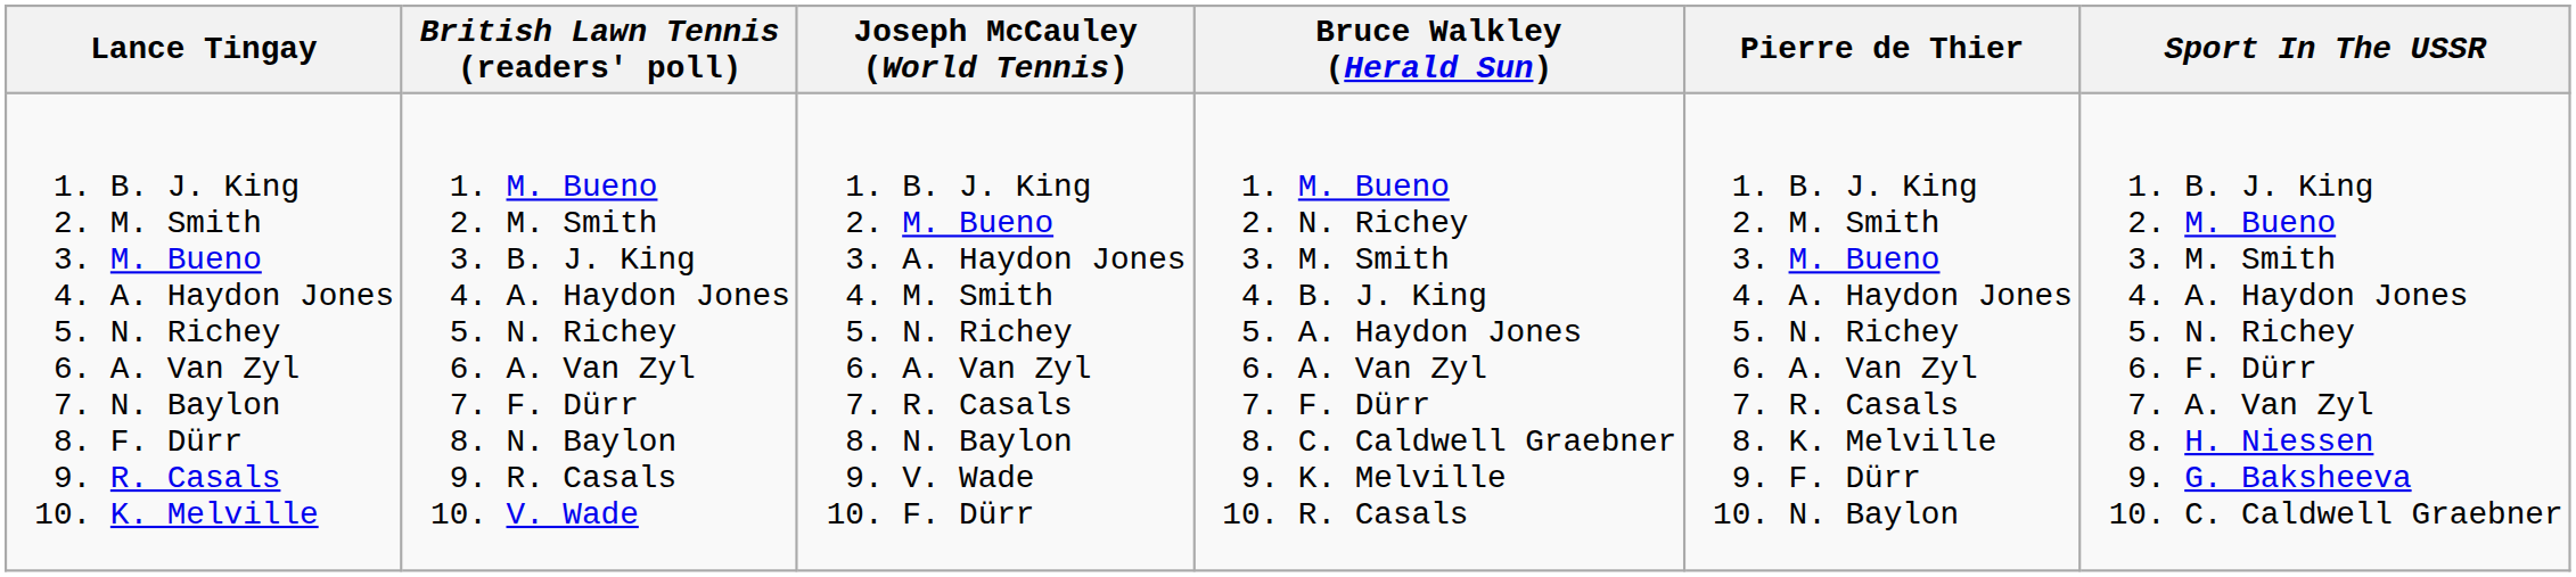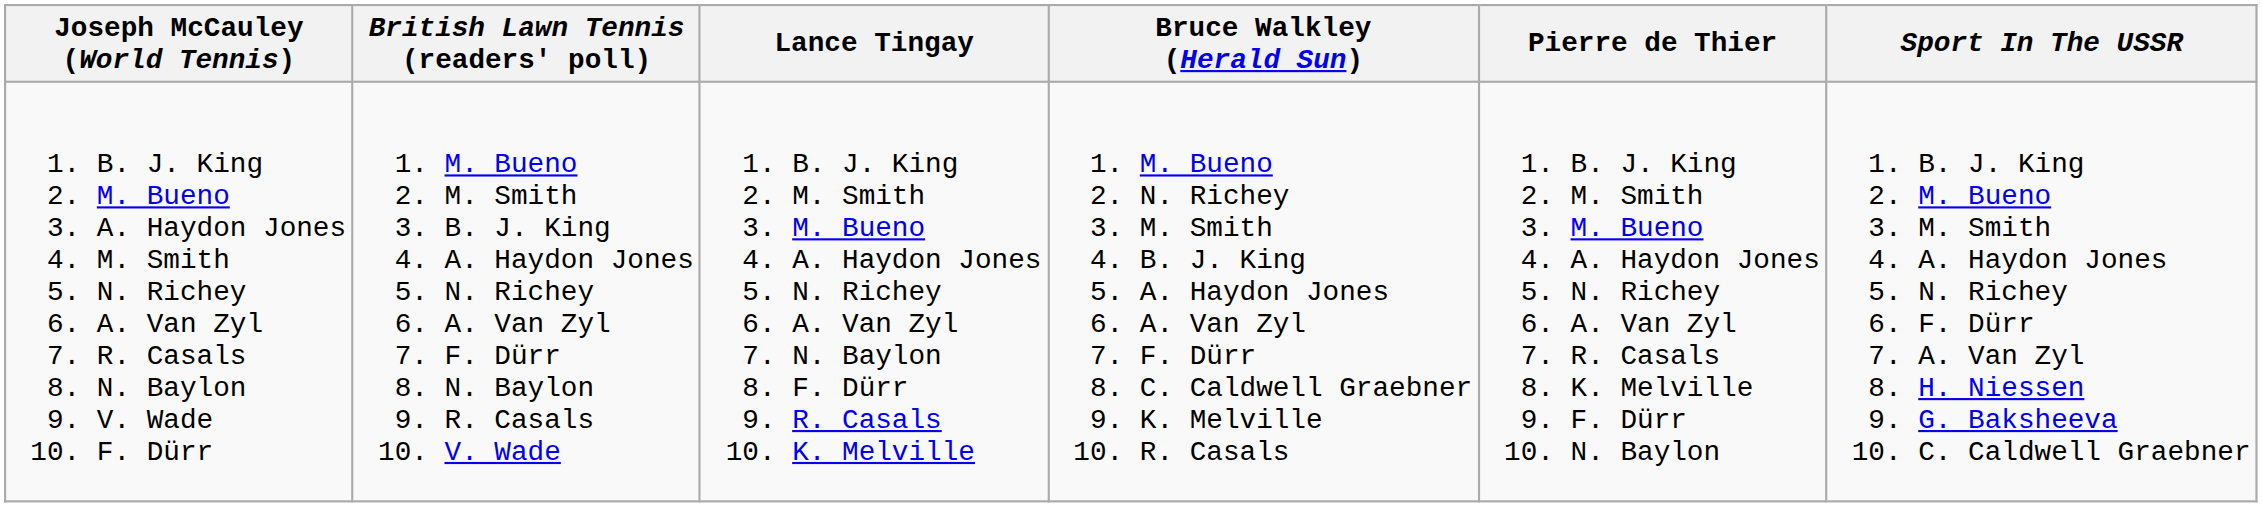 <table class="wikitable">
 <tr>
+<th>Joseph McCauley<br>(<em>World Tennis</em>)</th>
+<th><em>British Lawn Tennis</em><br>(readers' poll)</th>
 <th>Lance Tingay</th>
-<th><em>British Lawn Tennis</em><br>(readers' poll)</th>
-<th>Joseph McCauley<br>(<em>World Tennis</em>)</th>
 <th>Bruce Walkley<br>(<em><a href='#'>Herald Sun</a></em>)</th>
 <th>Pierre de Thier<em></em></th>
 <th><em>Sport In The USSR</em></th>
 </tr>
 <tr style="vertical-align: top;">
+<td style="white-space: nowrap;"><br><ol><li> B. J. King</li><li> <a href='#'>M. Bueno</a></li><li> A. Haydon Jones</li><li> M. Smith</li><li> N. Richey</li><li> A. Van Zyl</li><li> R. Casals</li><li> N. Baylon</li><li> V. Wade</li><li> F. Dürr</li></ol></td>
+<td style="white-space: nowrap;"><br><ol><li> <a href='#'>M. Bueno</a></li><li> M. Smith</li><li> B. J. King</li><li> A. Haydon Jones</li><li> N. Richey</li><li> A. Van Zyl</li><li> F. Dürr</li><li> N. Baylon</li><li> R. Casals</li><li> <a href='#'>V. Wade</a></li></ol></td>
 <td style="white-space: nowrap;"><br><ol><li> B. J. King</li><li> M. Smith</li><li> <a href='#'>M. Bueno</a></li><li> A. Haydon Jones</li><li> N. Richey</li><li> A. Van Zyl</li><li> N. Baylon</li><li> F. Dürr</li><li> <a href='#'>R. Casals</a></li><li> <a href='#'>K. Melville</a></li></ol></td>
-<td style="white-space: nowrap;"><br><ol><li> <a href='#'>M. Bueno</a></li><li> M. Smith</li><li> B. J. King</li><li> A. Haydon Jones</li><li> N. Richey</li><li> A. Van Zyl</li><li> F. Dürr</li><li> N. Baylon</li><li> R. Casals</li><li> <a href='#'>V. Wade</a></li></ol></td>
-<td style="white-space: nowrap;"><br><ol><li> B. J. King</li><li> <a href='#'>M. Bueno</a></li><li> A. Haydon Jones</li><li> M. Smith</li><li> N. Richey</li><li> A. Van Zyl</li><li> R. Casals</li><li> N. Baylon</li><li> V. Wade</li><li> F. Dürr</li></ol></td>
 <td style="white-space: nowrap;"><br><ol><li> <a href='#'>M. Bueno</a></li><li> N. Richey</li><li> M. Smith</li><li> B. J. King</li><li> A. Haydon Jones</li><li> A. Van Zyl</li><li> F. Dürr</li><li> C. Caldwell Graebner</li><li> K. Melville</li><li> R. Casals</li></ol></td>
 <td style="white-space: nowrap;"><br><ol><li> B. J. King</li><li> M. Smith</li><li> <a href='#'>M. Bueno</a></li><li> A. Haydon Jones</li><li> N. Richey</li><li> A. Van Zyl</li><li> R. Casals</li><li> K. Melville</li><li> F. Dürr</li><li> N. Baylon</li></ol></td>
 <td style="white-space: nowrap;"><br><ol><li> B. J. King</li><li> <a href='#'>M. Bueno</a></li><li> M. Smith</li><li> A. Haydon Jones</li><li> N. Richey</li><li> F. Dürr</li><li> A. Van Zyl</li><li> <a href='#'>H. Niessen</a></li><li> <a href='#'>G. Baksheeva</a></li><li> C. Caldwell Graebner</li></ol></td>
 </tr>
 </table>
